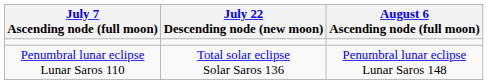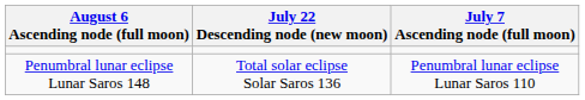 <table class="wikitable">
 <tr>
+<th><a href='#'>August 6</a><br>Ascending node (full moon)<br></th>
+<th><a href='#'>July 22</a><br>Descending node (new moon)<br></th>
 <th><a href='#'>July 7</a><br>Ascending node (full moon)<br></th>
-<th><a href='#'>July 22</a><br>Descending node (new moon)<br></th>
-<th><a href='#'>August 6</a><br>Ascending node (full moon)<br></th>
 </tr>
 <tr>
 <td></td>
 <td></td>
 <td></td>
 </tr>
 <tr align=center>
+<td><a href='#'>Penumbral lunar eclipse</a><br>Lunar Saros 148</td>
+<td><a href='#'>Total solar eclipse</a><br>Solar Saros 136</td>
 <td><a href='#'>Penumbral lunar eclipse</a><br>Lunar Saros 110</td>
-<td><a href='#'>Total solar eclipse</a><br>Solar Saros 136</td>
-<td><a href='#'>Penumbral lunar eclipse</a><br>Lunar Saros 148</td>
 </tr>
 </table>
